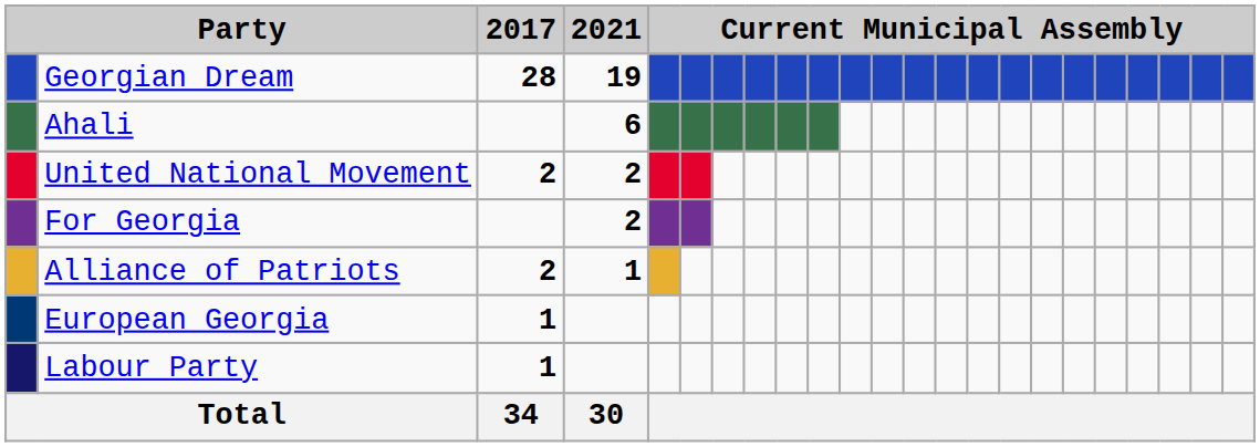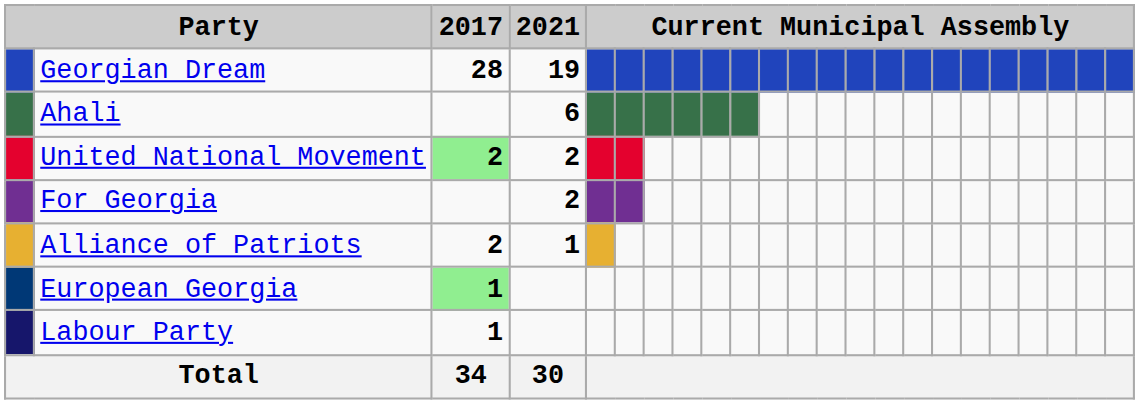 <table class="wikitable">
 <tr>
 <th colspan="2" style="background:#ccc">Party</th>
 <th style="background:#ccc">2017</th>
 <th style="background:#ccc">2021</th>
 <th colspan="40" style="background:#ccc">Current Municipal Assembly</th>
 </tr>
 <tr>
 <td style="background-color: #2044BC  "> </td>
 <td><a href='#'>Georgian Dream</a></td>
 <td style="text-align: right"><strong>28</strong></td>
 <td style="text-align: right"><strong>19</strong></td>
 <td style="background-color: #2044BC "></td>
 <td style="background-color: #2044BC "> </td>
 <td style="background-color: #2044BC "> </td>
 <td style="background-color: #2044BC "> </td>
 <td style="background-color: #2044BC "> </td>
 <td style="background-color: #2044BC "> </td>
 <td style="background-color: #2044BC "> </td>
 <td style="background-color: #2044BC "> </td>
 <td style="background-color: #2044BC "> </td>
 <td style="background-color: #2044BC "> </td>
 <td style="background-color: #2044BC "> </td>
 <td style="background-color: #2044BC "> </td>
 <td style="background-color: #2044BC "> </td>
 <td style="background-color: #2044BC "> </td>
 <td style="background-color: #2044BC "> </td>
 <td style="background-color: #2044BC "> </td>
 <td style="background-color: #2044BC "> </td>
 <td style="background-color: #2044BC "> </td>
 <td style="background-color: #2044BC "> </td>
 </tr>
 <tr>
 <td style="background-color: #377149  "> </td>
 <td><a href='#'>Ahali</a></td>
 <td></td>
 <td style="text-align: right"><strong>6</strong></td>
 <td style="background-color: #377149 "> </td>
 <td style="background-color: #377149 "> </td>
 <td style="background-color: #377149 "> </td>
 <td style="background-color: #377149 "> </td>
 <td style="background-color: #377149 "> </td>
 <td style="background-color: #377149 "> </td>
 <td></td>
 <td></td>
 <td></td>
 <td></td>
 <td></td>
 <td></td>
 <td></td>
 <td></td>
 <td></td>
 <td></td>
 <td></td>
 <td></td>
 <td></td>
 </tr>
 <tr>
 <td style="background-color: #e4012e  "> </td>
 <td><a href='#'>United National Movement</a></td>
-<td style="text-align: right"><strong>2</strong></td>
+<td style="background: lightgreen; text-align: right"><strong>2</strong></td>
 <td style="text-align: right"><strong>2</strong></td>
 <td style="background-color: #e4012e "> </td>
 <td style="background-color: #e4012e "> </td>
 <td></td>
 <td></td>
 <td></td>
 <td></td>
 <td></td>
 <td></td>
 <td></td>
 <td></td>
 <td></td>
 <td></td>
 <td></td>
 <td></td>
 <td></td>
 <td></td>
 <td></td>
 <td></td>
 <td></td>
 </tr>
 <tr>
 <td style="background-color: #702F92  "> </td>
 <td><a href='#'>For Georgia</a></td>
 <td></td>
 <td style="text-align: right"><strong>2</strong></td>
 <td style="background-color: #702F92 "> </td>
 <td style="background-color: #702F92 "> </td>
 <td></td>
 <td></td>
 <td></td>
 <td></td>
 <td></td>
 <td></td>
 <td></td>
 <td></td>
 <td></td>
 <td></td>
 <td></td>
 <td></td>
 <td></td>
 <td></td>
 <td></td>
 <td></td>
 <td></td>
 </tr>
 <tr>
 <td style="background-color: #e7b031 "> </td>
 <td><a href='#'>Alliance of Patriots</a></td>
 <td style="text-align: right"><strong>2</strong></td>
 <td style="text-align: right"><strong>1</strong></td>
 <td style="background-color: #e7b031 "> </td>
 <td></td>
 <td></td>
 <td></td>
 <td></td>
 <td></td>
 <td></td>
 <td></td>
 <td></td>
 <td></td>
 <td></td>
 <td></td>
 <td></td>
 <td></td>
 <td></td>
 <td></td>
 <td></td>
 <td></td>
 <td></td>
 </tr>
 <tr>
 <td style="background-color: #003876  "> </td>
 <td><a href='#'>European Georgia</a></td>
-<td style="text-align: right"><strong>1</strong></td>
+<td style="background: lightgreen; text-align: right"><strong>1</strong></td>
 <td></td>
 <td></td>
 <td></td>
 <td></td>
 <td></td>
 <td></td>
 <td></td>
 <td></td>
 <td></td>
 <td></td>
 <td></td>
 <td></td>
 <td></td>
 <td></td>
 <td></td>
 <td></td>
 <td></td>
 <td></td>
 <td></td>
 <td></td>
 </tr>
 <tr>
 <td style="background-color: #16166b "> </td>
 <td><a href='#'>Labour Party</a></td>
 <td style="text-align: right"><strong>1</strong></td>
 <td></td>
 <td></td>
 <td></td>
 <td></td>
 <td></td>
 <td></td>
 <td></td>
 <td></td>
 <td></td>
 <td></td>
 <td></td>
 <td></td>
 <td></td>
 <td></td>
 <td></td>
 <td></td>
 <td></td>
 <td></td>
 <td></td>
 <td></td>
 </tr>
 <tr>
 <th colspan="2">Total</th>
 <th align="right">34</th>
 <th align="right">30</th>
 <th colspan="40"> </th>
 </tr>
 </table>
